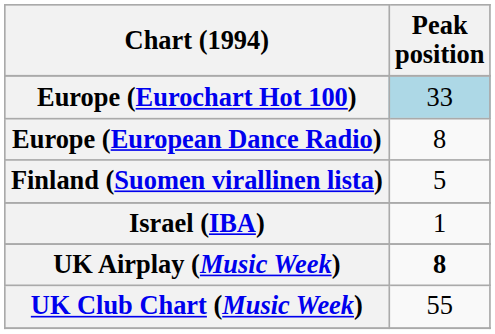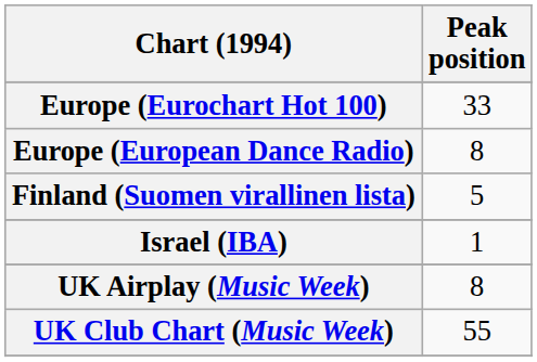 <table class="wikitable sortable plainrowheaders" style="text-align:center">
 <tr>
 <th>Chart (1994)</th>
 <th>Peak<br>position</th>
 </tr>
 <tr>
 </tr>
 <tr>
 <th scope="row">Europe (<a href='#'>Eurochart Hot 100</a>)</th>
-<td style="background: lightblue;">33</td>
+<td>33</td>
 </tr>
 <tr>
 <th scope="row">Europe (<a href='#'>European Dance Radio</a>)</th>
 <td>8</td>
 </tr>
 <tr>
 <th scope="row">Finland (<a href='#'>Suomen virallinen lista</a>)</th>
 <td>5</td>
 </tr>
 <tr>
 </tr>
 <tr>
 </tr>
 <tr>
 <th scope="row">Israel (<a href='#'>IBA</a>)</th>
 <td>1</td>
 </tr>
 <tr>
 </tr>
 <tr>
 </tr>
 <tr>
 </tr>
 <tr>
 <th scope="row">UK Airplay (<em><a href='#'>Music Week</a></em>)</th>
-<td><strong>8</strong></td>
+<td>8</td>
 </tr>
 <tr>
 <th scope="row"><a href='#'>UK Club Chart</a> (<em><a href='#'>Music Week</a></em>)</th>
 <td>55</td>
 </tr>
 <tr>
 </tr>
 <tr>
 </tr>
 <tr>
 </tr>
 </table>
